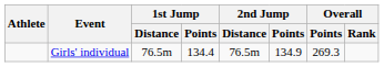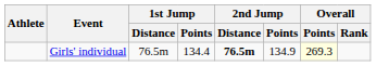 <table class="wikitable">
 <tr>
 <th rowspan="2">Athlete</th>
 <th rowspan="2">Event</th>
 <th colspan="2">1st Jump</th>
 <th colspan="2">2nd Jump</th>
 <th colspan="2">Overall</th>
 </tr>
 <tr>
 <th>Distance</th>
 <th>Points</th>
 <th>Distance</th>
 <th>Points</th>
 <th>Points</th>
 <th>Rank</th>
 </tr>
 <tr>
 <td></td>
 <td><a href='#'>Girls' individual</a></td>
 <td align="center">76.5m</td>
 <td align="center">134.4</td>
-<td align="center">76.5m</td>
+<td align="center"><strong>76.5m</strong></td>
 <td align="center">134.9</td>
-<td align="center">269.3</td>
+<td align="center" style="background: lightyellow;">269.3</td>
 <td align="center"></td>
 </tr>
 </table>
